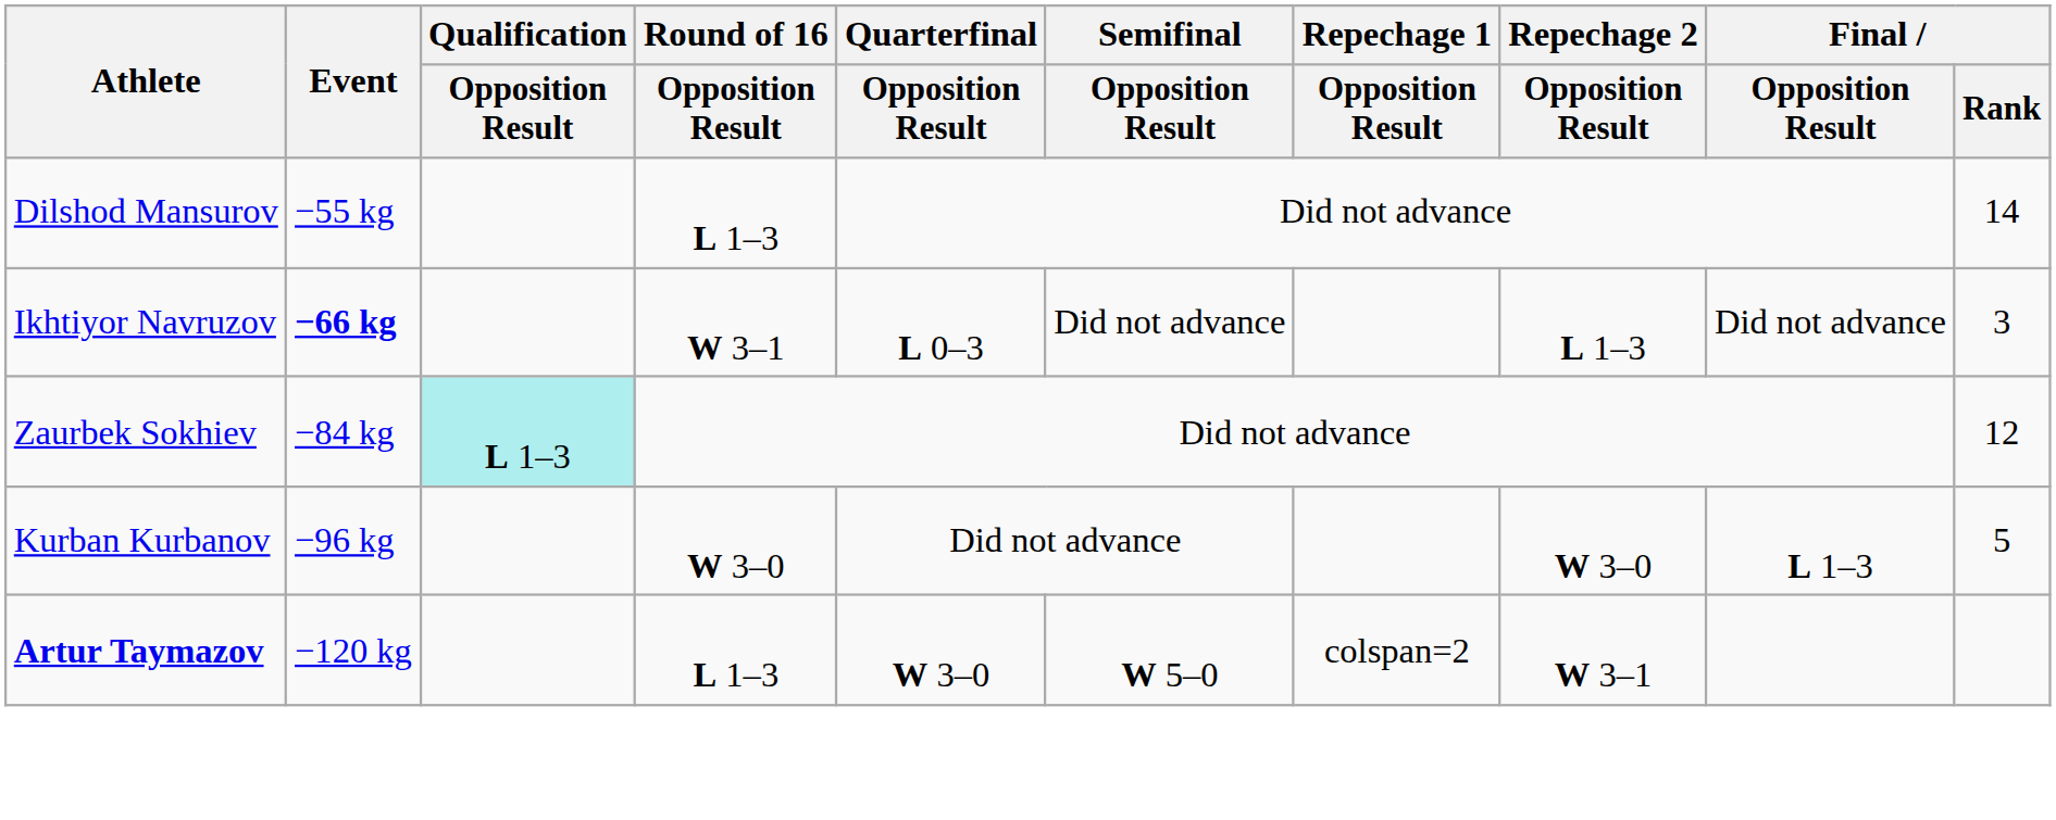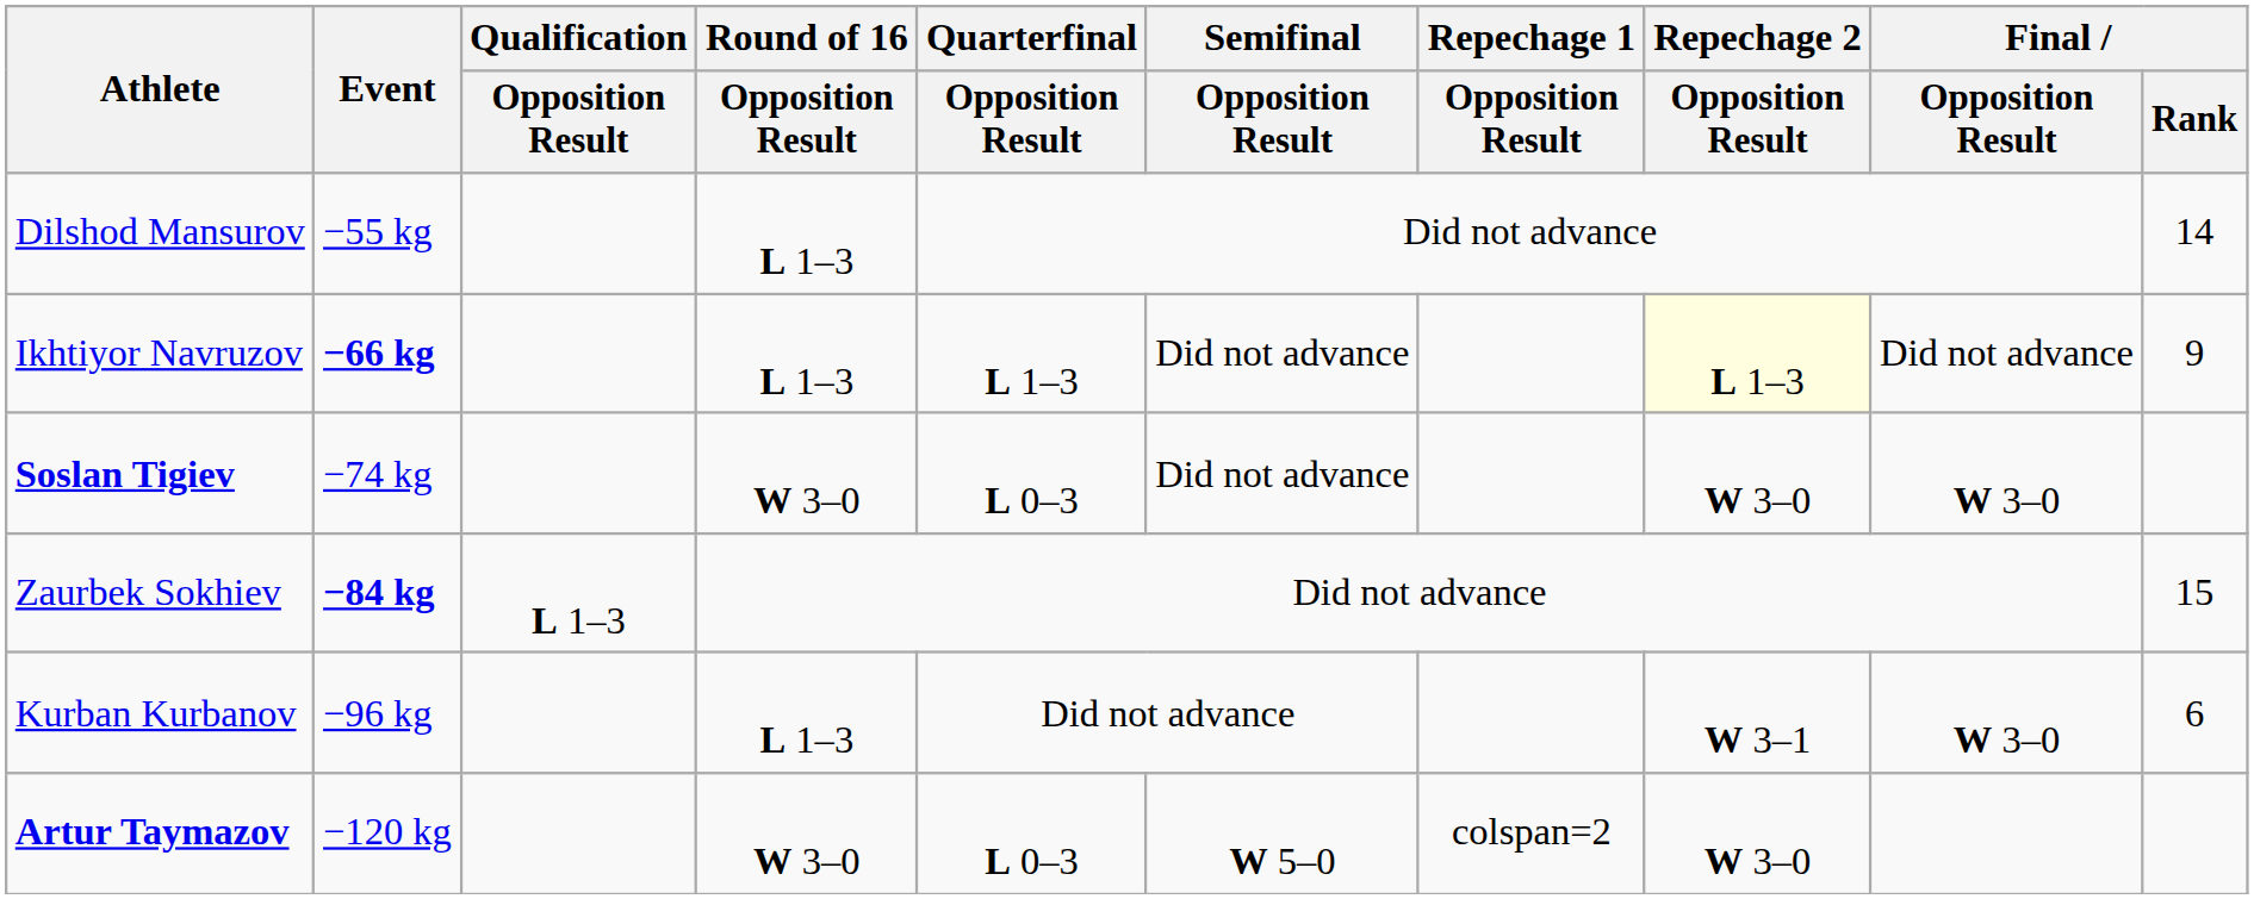 <table class="wikitable" style="font-size:90%">
 <tr>
 <th rowspan="2">Athlete</th>
 <th rowspan="2">Event</th>
 <th>Qualification</th>
 <th>Round of 16</th>
 <th>Quarterfinal</th>
 <th>Semifinal</th>
 <th>Repechage 1</th>
 <th>Repechage 2</th>
 <th colspan=2>Final / </th>
 </tr>
 <tr style="font-size: 95%">
 <th>Opposition<br>Result</th>
 <th>Opposition<br>Result</th>
 <th>Opposition<br>Result</th>
 <th>Opposition<br>Result</th>
 <th>Opposition<br>Result</th>
 <th>Opposition<br>Result</th>
 <th>Opposition<br>Result</th>
 <th>Rank</th>
 </tr>
 <tr align=center>
 <td align=left><a href='#'>Dilshod Mansurov</a></td>
 <td align=left><a href='#'>−55 kg</a></td>
 <td></td>
 <td><br><strong>L</strong> 1–3 <sup></sup></td>
 <td colspan=5>Did not advance</td>
 <td>14</td>
 </tr>
 <tr align=center>
 <td align=left><a href='#'>Ikhtiyor Navruzov</a></td>
 <td align=left><strong><a href='#'>−66 kg</a></strong></td>
 <td></td>
-<td><br><strong>W</strong> 3–1 <sup></sup></td>
+<td><br><strong>L</strong> 1–3 <sup></sup></td>
+<td><br><strong>L</strong> 1–3 <sup></sup></td>
+<td>Did not advance</td>
+<td></td>
+<td style="background: lightyellow;"><br><strong>L</strong> 1–3 <sup></sup></td>
+<td>Did not advance</td>
+<td>9</td>
+</tr>
+<tr align=center>
+<td align=left><strong><a href='#'>Soslan Tigiev</a></strong></td>
+<td align=left><a href='#'>−74 kg</a></td>
+<td></td>
+<td><br><strong>W</strong> 3–0 <sup></sup></td>
 <td><br><strong>L</strong> 0–3 <sup></sup></td>
 <td>Did not advance</td>
 <td></td>
-<td><br><strong>L</strong> 1–3 <sup></sup></td>
-<td>Did not advance</td>
-<td>3</td>
+<td><br><strong>W</strong> 3–0 <sup></sup></td>
+<td><br><strong>W</strong> 3–0 <sup></sup></td>
+<td></td>
 </tr>
 <tr align=center>
 <td align=left><a href='#'>Zaurbek Sokhiev</a></td>
-<td align=left><a href='#'>−84 kg</a></td>
-<td style="background: paleturquoise;"><br><strong>L</strong> 1–3 <sup></sup></td>
+<td align=left><strong><a href='#'>−84 kg</a></strong></td>
+<td><br><strong>L</strong> 1–3 <sup></sup></td>
 <td colspan=6>Did not advance</td>
-<td>12</td>
+<td>15</td>
 </tr>
 <tr align=center>
 <td align=left><a href='#'>Kurban Kurbanov</a></td>
 <td align=left><a href='#'>−96 kg</a></td>
 <td></td>
-<td><br><strong>W</strong> 3–0 <sup></sup></td>
+<td><br><strong>L</strong> 1–3 <sup></sup></td>
 <td colspan=2>Did not advance</td>
 <td></td>
+<td><br><strong>W</strong> 3–1 <sup></sup></td>
 <td><br><strong>W</strong> 3–0 <sup></sup></td>
-<td><br><strong>L</strong> 1–3 <sup></sup></td>
-<td>5</td>
+<td>6</td>
 </tr>
 <tr align=center>
 <td align=left><strong><a href='#'>Artur Taymazov</a></strong></td>
 <td align=left><a href='#'>−120 kg</a></td>
 <td></td>
-<td><br><strong>L</strong> 1–3 <sup></sup></td>
 <td><br><strong>W</strong> 3–0 <sup></sup></td>
+<td><br><strong>L</strong> 0–3 <sup></sup></td>
 <td><br><strong>W</strong> 5–0 <sup></sup></td>
 <td>colspan=2 </td>
-<td><br><strong>W</strong> 3–1 <sup></sup></td>
+<td><br><strong>W</strong> 3–0 <sup></sup></td>
 <td></td>
 </tr>
 </table>
